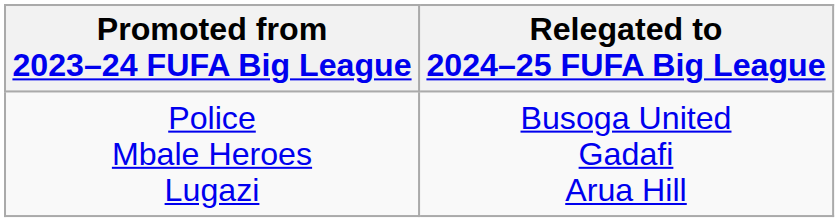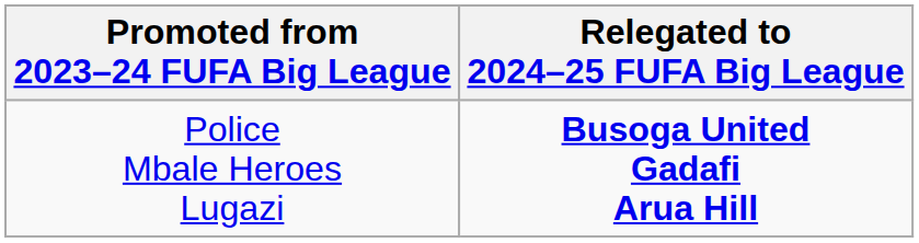 <table class="wikitable">
 <tr>
 <th> Promoted from<br><a href='#'>2023–24 FUFA Big League</a></th>
 <th> Relegated to<br><a href='#'>2024–25 FUFA Big League</a></th>
 </tr>
 <tr>
 <td align="center"><a href='#'>Police</a><br><a href='#'>Mbale Heroes</a><br><a href='#'>Lugazi</a></td>
-<td align="center"><a href='#'>Busoga United</a><br><a href='#'>Gadafi</a><br><a href='#'>Arua Hill</a></td>
+<td align="center"><strong><a href='#'>Busoga United</a><br><a href='#'>Gadafi</a><br><a href='#'>Arua Hill</a></strong></td>
 </tr>
 </table>
